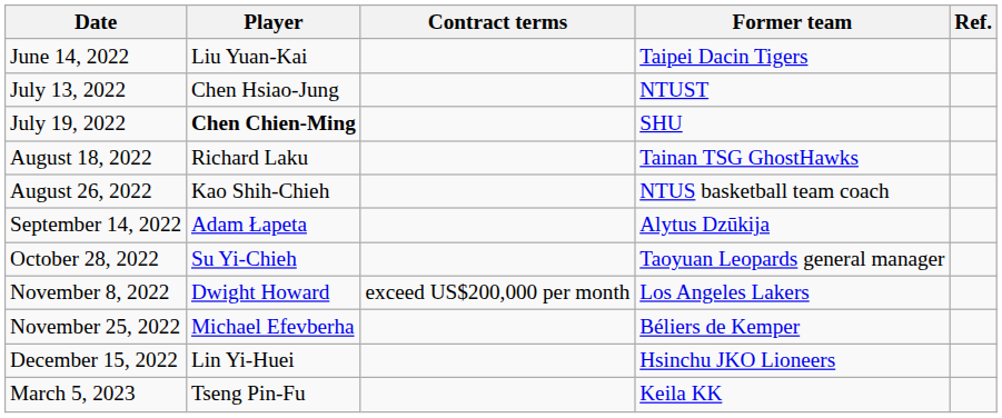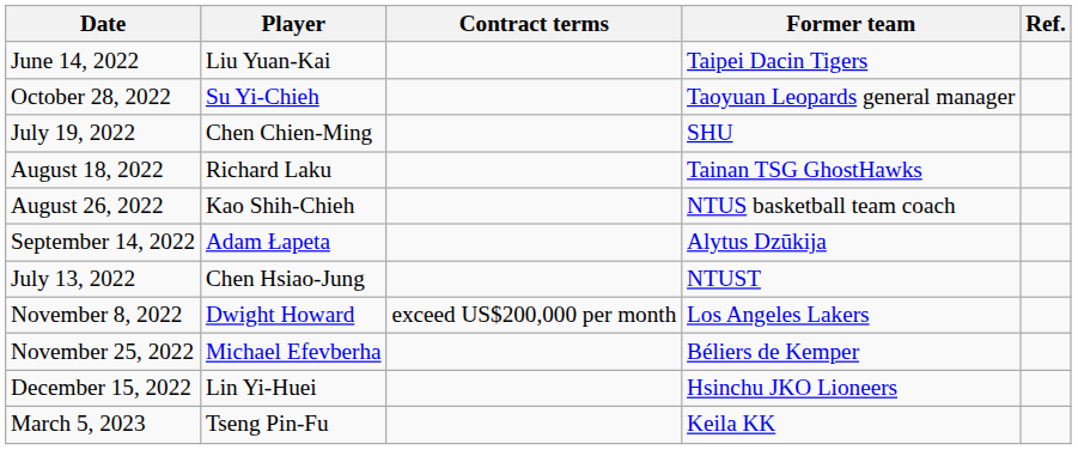 <table class="wikitable">
 <tr>
 <th>Date</th>
 <th>Player</th>
 <th>Contract terms</th>
 <th>Former team</th>
 <th>Ref.</th>
 </tr>
 <tr>
 <td>June 14, 2022</td>
 <td>Liu Yuan-Kai</td>
 <td></td>
 <td> <a href='#'>Taipei Dacin Tigers</a></td>
 <td></td>
 </tr>
 <tr>
-<td>July 13, 2022</td>
-<td>Chen Hsiao-Jung</td>
+<td>October 28, 2022</td>
+<td><a href='#'>Su Yi-Chieh</a></td>
 <td></td>
-<td> <a href='#'>NTUST</a></td>
+<td> <a href='#'>Taoyuan Leopards</a> general manager</td>
 <td></td>
 </tr>
 <tr>
 <td>July 19, 2022</td>
-<td><strong>Chen Chien-Ming</strong></td>
+<td>Chen Chien-Ming</td>
 <td></td>
 <td> <a href='#'>SHU</a></td>
 <td></td>
 </tr>
 <tr>
 <td>August 18, 2022</td>
 <td>Richard Laku</td>
 <td></td>
 <td> <a href='#'>Tainan TSG GhostHawks</a></td>
 <td></td>
 </tr>
 <tr>
 <td>August 26, 2022</td>
 <td>Kao Shih-Chieh</td>
 <td></td>
 <td> <a href='#'>NTUS</a> basketball team coach</td>
 <td></td>
 </tr>
 <tr>
 <td>September 14, 2022</td>
 <td><a href='#'>Adam Łapeta</a></td>
 <td></td>
 <td> <a href='#'>Alytus Dzūkija</a></td>
 <td></td>
 </tr>
 <tr>
-<td>October 28, 2022</td>
-<td><a href='#'>Su Yi-Chieh</a></td>
+<td>July 13, 2022</td>
+<td>Chen Hsiao-Jung</td>
 <td></td>
-<td> <a href='#'>Taoyuan Leopards</a> general manager</td>
+<td> <a href='#'>NTUST</a></td>
 <td></td>
 </tr>
 <tr>
 <td>November 8, 2022</td>
 <td><a href='#'>Dwight Howard</a></td>
 <td>exceed US$200,000 per month</td>
 <td> <a href='#'>Los Angeles Lakers</a></td>
 <td></td>
 </tr>
 <tr>
 <td>November 25, 2022</td>
 <td><a href='#'>Michael Efevberha</a></td>
 <td></td>
 <td> <a href='#'>Béliers de Kemper</a></td>
 <td></td>
 </tr>
 <tr>
 <td>December 15, 2022</td>
 <td>Lin Yi-Huei</td>
 <td></td>
 <td> <a href='#'>Hsinchu JKO Lioneers</a></td>
 <td></td>
 </tr>
 <tr>
 <td>March 5, 2023</td>
 <td>Tseng Pin-Fu</td>
 <td></td>
 <td> <a href='#'>Keila KK</a></td>
 <td></td>
 </tr>
 </table>
